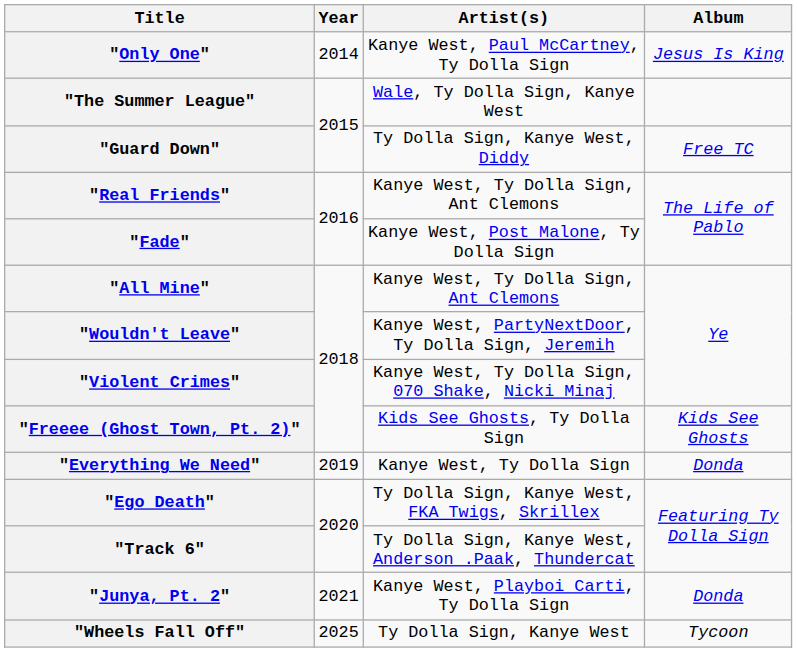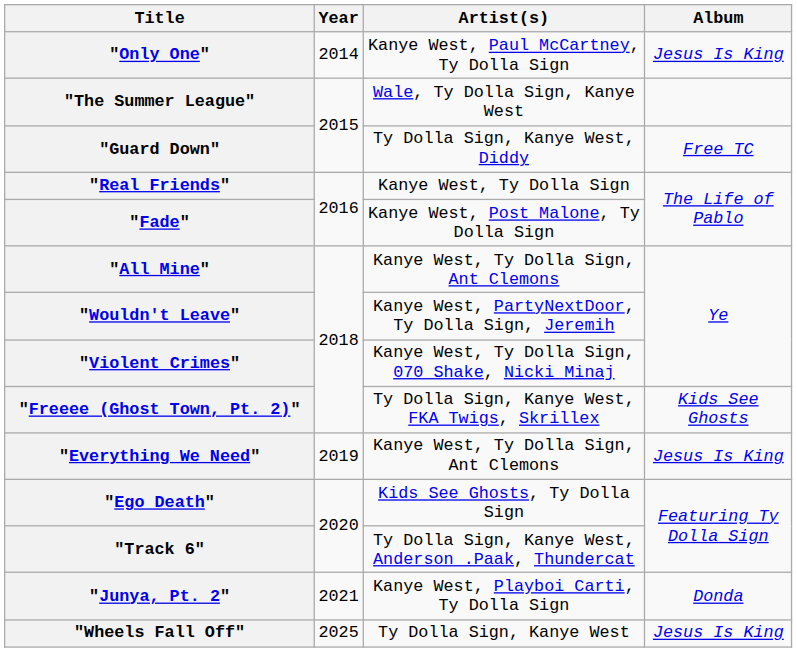 <table class="wikitable plainrowheaders" style="text-align:center;">
 <tr>
 <th scope="col" style="width:18em;">Title</th>
 <th scope="col">Year</th>
 <th scope="col">Artist(s)</th>
 <th scope="col">Album</th>
 </tr>
 <tr>
 <th scope="row">"<a href='#'>Only One</a>"</th>
 <td>2014</td>
 <td>Kanye West, <a href='#'>Paul McCartney</a>, Ty Dolla Sign</td>
 <td><em><a href='#'>Jesus Is King</a></em></td>
 </tr>
 <tr>
 <th scope="row">"The Summer League"</th>
 <td rowspan="2">2015</td>
 <td><a href='#'>Wale</a>, Ty Dolla Sign, Kanye West</td>
 </tr>
 <tr>
 <th scope="row">"Guard Down"</th>
 <td>Ty Dolla Sign, Kanye West, <a href='#'>Diddy</a></td>
 <td><em><a href='#'>Free TC</a></em></td>
 </tr>
 <tr>
 <th scope="row">"<a href='#'>Real Friends</a>"</th>
 <td rowspan="2">2016</td>
-<td>Kanye West, Ty Dolla Sign, Ant Clemons</td>
+<td>Kanye West, Ty Dolla Sign</td>
 <td rowspan="2"><em><a href='#'>The Life of Pablo</a></em></td>
 </tr>
 <tr>
 <th scope="row">"<a href='#'>Fade</a>"</th>
 <td>Kanye West, <a href='#'>Post Malone</a>, Ty Dolla Sign</td>
 </tr>
 <tr>
 <th scope="row">"<a href='#'>All Mine</a>"</th>
 <td rowspan="4">2018</td>
 <td>Kanye West, Ty Dolla Sign, <a href='#'>Ant Clemons</a></td>
 <td rowspan="3"><em><a href='#'>Ye</a></em></td>
 </tr>
 <tr>
 <th scope="row">"<a href='#'>Wouldn't Leave</a>"</th>
 <td>Kanye West, <a href='#'>PartyNextDoor</a>, Ty Dolla Sign, <a href='#'>Jeremih</a></td>
 </tr>
 <tr>
 <th scope="row">"<a href='#'>Violent Crimes</a>"</th>
 <td>Kanye West, Ty Dolla Sign, <a href='#'>070 Shake</a>, <a href='#'>Nicki Minaj</a></td>
 </tr>
 <tr>
 <th scope="row">"<a href='#'>Freeee (Ghost Town, Pt. 2)</a>"</th>
-<td><a href='#'>Kids See Ghosts</a>, Ty Dolla Sign</td>
+<td>Ty Dolla Sign, Kanye West, <a href='#'>FKA Twigs</a>, <a href='#'>Skrillex</a></td>
 <td><em><a href='#'>Kids See Ghosts</a></em></td>
 </tr>
 <tr>
 <th scope="row">"<a href='#'>Everything We Need</a>"</th>
 <td>2019</td>
-<td>Kanye West, Ty Dolla Sign</td>
-<td><em><a href='#'>Donda</a></em></td>
+<td>Kanye West, Ty Dolla Sign, Ant Clemons</td>
+<td><em><a href='#'>Jesus Is King</a></em></td>
 </tr>
 <tr>
 <th scope="row">"<a href='#'>Ego Death</a>"</th>
 <td rowspan="2">2020</td>
-<td>Ty Dolla Sign, Kanye West, <a href='#'>FKA Twigs</a>, <a href='#'>Skrillex</a></td>
+<td><a href='#'>Kids See Ghosts</a>, Ty Dolla Sign</td>
 <td rowspan="2"><em><a href='#'>Featuring Ty Dolla Sign</a></em></td>
 </tr>
 <tr>
 <th scope="row">"Track 6"</th>
 <td>Ty Dolla Sign, Kanye West, <a href='#'>Anderson .Paak</a>, <a href='#'>Thundercat</a></td>
 </tr>
 <tr>
 <th scope="row">"<a href='#'>Junya, Pt. 2</a>"</th>
 <td>2021</td>
 <td>Kanye West, <a href='#'>Playboi Carti</a>, Ty Dolla Sign</td>
 <td><em><a href='#'>Donda</a></em></td>
 </tr>
 <tr>
 <th scope="row">"Wheels Fall Off"</th>
 <td>2025</td>
 <td>Ty Dolla Sign, Kanye West</td>
-<td><em>Tycoon</em></td>
+<td><em><a href='#'>Jesus Is King</a></em></td>
 </tr>
 </table>
